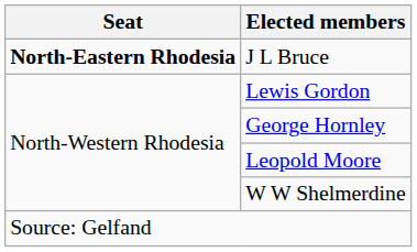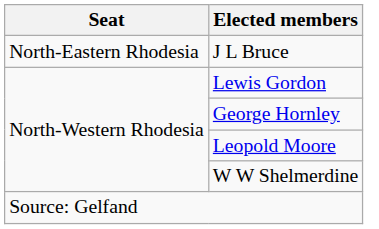 <table class=wikitable>
 <tr>
 <th>Seat</th>
 <th>Elected members</th>
 </tr>
 <tr>
-<td><strong>North-Eastern Rhodesia</strong></td>
+<td>North-Eastern Rhodesia</td>
 <td>J L Bruce</td>
 </tr>
 <tr>
 <td rowspan=4>North-Western Rhodesia</td>
 <td><a href='#'>Lewis Gordon</a></td>
 </tr>
 <tr>
 <td><a href='#'>George Hornley</a></td>
 </tr>
 <tr>
 <td><a href='#'>Leopold Moore</a></td>
 </tr>
 <tr>
 <td>W W Shelmerdine</td>
 </tr>
 <tr>
 <td align=left colspan=3>Source: Gelfand</td>
 </tr>
 </table>
